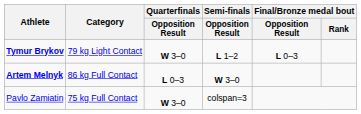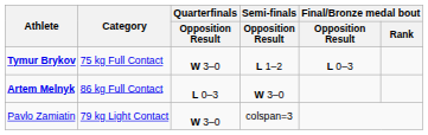 <table class="wikitable" style="text-align:center; font-size:90%">
 <tr>
 <th rowspan=2>Athlete</th>
 <th rowspan=2>Category</th>
 <th>Quarterfinals</th>
 <th>Semi-finals</th>
 <th colspan=2>Final/Bronze medal bout</th>
 </tr>
 <tr style="font-size:95%">
 <th>Opposition<br>Result</th>
 <th>Opposition<br>Result</th>
 <th>Opposition<br>Result</th>
 <th>Rank</th>
 </tr>
 <tr>
 <td align=left><strong><a href='#'>Tymur Brykov</a></strong></td>
-<td align=left><a href='#'>79 kg Light Contact</a></td>
+<td align=left><a href='#'>75 kg Full Contact</a></td>
 <td><br><strong>W</strong> 3–0</td>
 <td><br><strong>L</strong> 1–2</td>
 <td><br><strong>L</strong> 0–3</td>
 <td></td>
 </tr>
 <tr>
 <td align=left><strong><a href='#'>Artem Melnyk</a></strong></td>
 <td align=left><a href='#'>86 kg Full Contact</a></td>
 <td><br><strong>L</strong> 0–3</td>
 <td><br><strong>W</strong> 3–0</td>
 <td></td>
 <td></td>
 </tr>
 <tr>
 <td align=left><a href='#'>Pavlo Zamiatin</a></td>
-<td align=left><a href='#'>75 kg Full Contact</a></td>
+<td align=left><a href='#'>79 kg Light Contact</a></td>
 <td><br><strong>W</strong> 3–0</td>
 <td>colspan=3 </td>
 </tr>
 </table>
